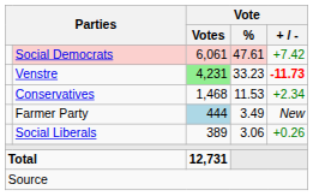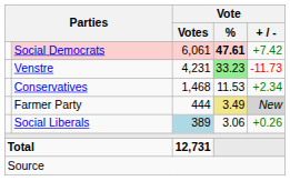 <table class="wikitable" style="text-align:right;">
 <tr>
 <th style="text-align:centre;" rowspan="2" colspan="2" width="225">Parties</th>
 <th colspan="3">Vote</th>
 </tr>
 <tr>
 <th width="15">Votes</th>
 <th width="15">%</th>
 <th width="15">+ / -</th>
 </tr>
 <tr>
 <td width="2" style="color:inherit;background:"></td>
 <td bgcolor=#fbd0ce  align="left"><a href='#'>Social Democrats</a></td>
 <td bgcolor=#fbd0ce>6,061</td>
-<td bgcolor=#fbd0ce>47.61</td>
+<td bgcolor=#fbd0ce><strong>47.61</strong></td>
 <td style=color:green;>+7.42</td>
 </tr>
 <tr>
 <td width="2" style="color:inherit;background:"></td>
 <td align="left"><a href='#'>Venstre</a></td>
-<td style="background: lightgreen;">4,231</td>
-<td>33.23</td>
-<td style=color:red;><strong>-11.73</strong></td>
+<td>4,231</td>
+<td style="background: lightgreen;">33.23</td>
+<td style=color:red;>-11.73</td>
 </tr>
 <tr>
 <td width="2" style="color:inherit;background:"></td>
 <td align="left"><a href='#'>Conservatives</a></td>
 <td>1,468</td>
 <td>11.53</td>
 <td style=color:green;>+2.34</td>
 </tr>
 <tr>
 <td width="2" style="color:inherit;background:"></td>
 <td align="left">Farmer Party</td>
-<td style="background: lightblue;">444</td>
-<td>3.49</td>
-<td><em>New</em></td>
+<td>444</td>
+<td style="background: khaki;">3.49</td>
+<td style="background: lightgrey;"><em>New</em></td>
 </tr>
 <tr>
 <td width="2" style="color:inherit;background:"></td>
 <td align="left"><a href='#'>Social Liberals</a></td>
-<td>389</td>
+<td style="background: lightblue;">389</td>
 <td>3.06</td>
 <td style=color:green;>+0.26</td>
 </tr>
 <tr>
 <td colspan="7" bgcolor="#E9E9E9"></td>
 </tr>
 <tr>
 <td align="left" colspan="2"><strong>Total</strong></td>
 <td><strong>12,731</strong></td>
 <td bgcolor="#E9E9E9" colspan="2"></td>
 </tr>
 <tr>
 <td align="left" colspan="6">Source</td>
 </tr>
 </table>
